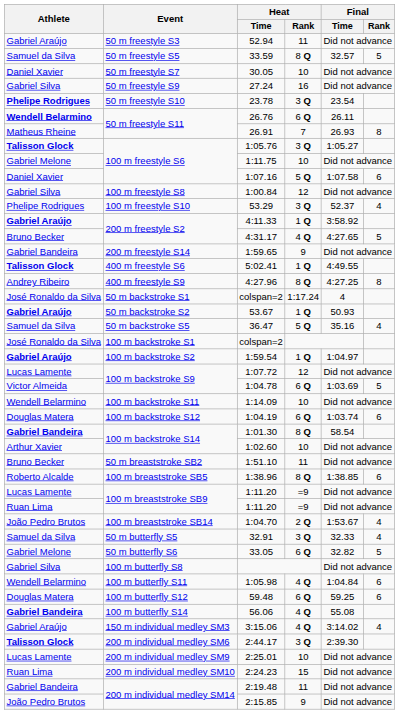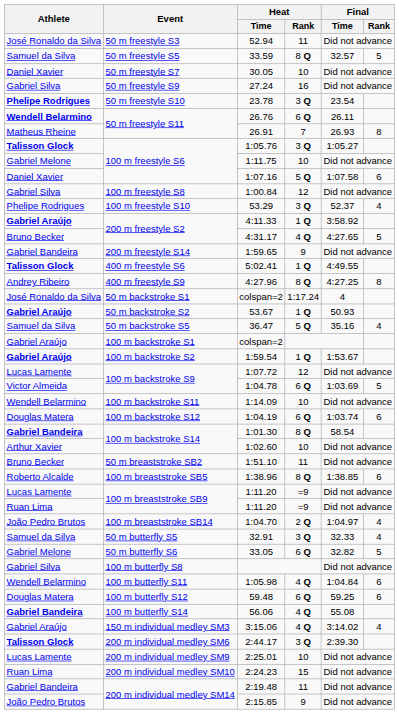 <table class=wikitable style=font-size:90%;text-align:center>
 <tr>
 <th rowspan=2>Athlete</th>
 <th rowspan=2>Event</th>
 <th colspan=2>Heat</th>
 <th colspan=2>Final</th>
 </tr>
 <tr style=font-size:95%>
 <th>Time</th>
 <th>Rank</th>
 <th>Time</th>
 <th>Rank</th>
 </tr>
 <tr align=center>
-<td align=left><a href='#'>Gabriel Araújo</a></td>
+<td align=left><a href='#'>José Ronaldo da Silva</a></td>
 <td align=left><a href='#'>50 m freestyle S3</a></td>
 <td>52.94</td>
 <td>11</td>
 <td colspan=2>Did not advance</td>
 </tr>
 <tr align=center>
 <td align=left><a href='#'>Samuel da Silva</a></td>
 <td align=left><a href='#'>50 m freestyle S5</a></td>
 <td>33.59</td>
 <td>8 <strong>Q</strong></td>
 <td>32.57</td>
 <td>5</td>
 </tr>
 <tr align=center>
 <td align=left><a href='#'>Daniel Xavier</a></td>
 <td align=left><a href='#'>50 m freestyle S7</a></td>
 <td>30.05</td>
 <td>10</td>
 <td colspan=2>Did not advance</td>
 </tr>
 <tr align=center>
 <td align=left><a href='#'>Gabriel Silva</a></td>
 <td align=left><a href='#'>50 m freestyle S9</a></td>
 <td>27.24</td>
 <td>16</td>
 <td colspan=2>Did not advance</td>
 </tr>
 <tr align=center>
 <td align=left><strong><a href='#'>Phelipe Rodrigues</a></strong></td>
 <td align=left><a href='#'>50 m freestyle S10</a></td>
 <td>23.78</td>
 <td>3 <strong>Q</strong></td>
 <td>23.54</td>
 <td></td>
 </tr>
 <tr align=center>
 <td align=left><strong><a href='#'>Wendell Belarmino</a></strong></td>
 <td align=left rowspan=2><a href='#'>50 m freestyle S11</a></td>
 <td>26.76</td>
 <td>6 <strong>Q</strong></td>
 <td>26.11</td>
 <td></td>
 </tr>
 <tr align=center>
 <td align=left><a href='#'>Matheus Rheine</a></td>
 <td>26.91</td>
 <td>7</td>
 <td>26.93</td>
 <td>8</td>
 </tr>
 <tr align=center>
 <td align=left><strong><a href='#'>Talisson Glock</a></strong></td>
 <td align=left rowspan=3><a href='#'>100 m freestyle S6</a></td>
 <td>1:05.76</td>
 <td>3 <strong>Q</strong></td>
 <td>1:05.27</td>
 <td></td>
 </tr>
 <tr align=center>
 <td align=left><a href='#'>Gabriel Melone</a></td>
 <td>1:11.75</td>
 <td>10</td>
 <td colspan=2>Did not advance</td>
 </tr>
 <tr align=center>
 <td align=left><a href='#'>Daniel Xavier</a></td>
 <td>1:07.16</td>
 <td>5 <strong>Q</strong></td>
 <td>1:07.58</td>
 <td>6</td>
 </tr>
 <tr align=center>
 <td align=left><a href='#'>Gabriel Silva</a></td>
 <td align=left><a href='#'>100 m freestyle S8</a></td>
 <td>1:00.84</td>
 <td>12</td>
 <td colspan=2>Did not advance</td>
 </tr>
 <tr align=center>
 <td align=left><a href='#'>Phelipe Rodrigues</a></td>
 <td align=left><a href='#'>100 m freestyle S10</a></td>
 <td>53.29</td>
 <td>3 <strong>Q</strong></td>
 <td>52.37</td>
 <td>4</td>
 </tr>
 <tr align=center>
 <td align=left><strong><a href='#'>Gabriel Araújo</a></strong></td>
 <td align=left rowspan=2><a href='#'>200 m freestyle S2</a></td>
 <td>4:11.33</td>
 <td>1 <strong>Q</strong></td>
 <td>3:58.92</td>
 <td></td>
 </tr>
 <tr align=center>
 <td align=left><a href='#'>Bruno Becker</a></td>
 <td>4:31.17</td>
 <td>4 <strong>Q</strong></td>
 <td>4:27.65</td>
 <td>5</td>
 </tr>
 <tr align=center>
 <td align=left><a href='#'>Gabriel Bandeira</a></td>
 <td align=left><a href='#'>200 m freestyle S14</a></td>
 <td>1:59.65</td>
 <td>9</td>
 <td colspan=2>Did not advance</td>
 </tr>
 <tr align=center>
 <td align=left><strong><a href='#'>Talisson Glock</a></strong></td>
 <td align=left><a href='#'>400 m freestyle S6</a></td>
 <td>5:02.41</td>
 <td>1 <strong>Q</strong></td>
 <td>4:49.55</td>
 <td></td>
 </tr>
 <tr align=center>
 <td align=left><a href='#'>Andrey Ribeiro</a></td>
 <td align=left><a href='#'>400 m freestyle S9</a></td>
 <td>4:27.96</td>
 <td>8 <strong>Q</strong></td>
 <td>4:27.25</td>
 <td>8</td>
 </tr>
 <tr align=center>
 <td align=left><a href='#'>José Ronaldo da Silva</a></td>
 <td align=left><a href='#'>50 m backstroke S1</a></td>
 <td>colspan=2 </td>
 <td>1:17.24</td>
 <td>4</td>
 </tr>
 <tr align=center>
 <td align=left><strong><a href='#'>Gabriel Araújo</a></strong></td>
 <td align=left><a href='#'>50 m backstroke S2</a></td>
 <td>53.67</td>
 <td>1 <strong>Q</strong></td>
 <td>50.93</td>
 <td></td>
 </tr>
 <tr align=center>
 <td align=left><a href='#'>Samuel da Silva</a></td>
 <td align=left><a href='#'>50 m backstroke S5</a></td>
 <td>36.47</td>
 <td>5 <strong>Q</strong></td>
 <td>35.16</td>
 <td>4</td>
 </tr>
 <tr align=center>
-<td align=left><a href='#'>José Ronaldo da Silva</a></td>
+<td align=left><a href='#'>Gabriel Araújo</a></td>
 <td align=left><a href='#'>100 m backstroke S1</a></td>
 <td>colspan=2 </td>
 <td colspan=2></td>
 </tr>
 <tr align=center>
 <td align=left><strong><a href='#'>Gabriel Araújo</a></strong></td>
 <td align=left><a href='#'>100 m backstroke S2</a></td>
 <td>1:59.54</td>
 <td>1 <strong>Q</strong></td>
-<td>1:04.97</td>
+<td>1:53.67</td>
 <td></td>
 </tr>
 <tr align=center>
 <td align=left><a href='#'>Lucas Lamente</a></td>
 <td align=left rowspan=2><a href='#'>100 m backstroke S9</a></td>
 <td>1:07.72</td>
 <td>12</td>
 <td colspan=2>Did not advance</td>
 </tr>
 <tr align=center>
 <td align=left><a href='#'>Victor Almeida</a></td>
 <td>1:04.78</td>
 <td>6 <strong>Q</strong></td>
 <td>1:03.69</td>
 <td>5</td>
 </tr>
 <tr align=center>
 <td align=left><a href='#'>Wendell Belarmino</a></td>
 <td align=left><a href='#'>100 m backstroke S11</a></td>
 <td>1:14.09</td>
 <td>10</td>
 <td colspan=2>Did not advance</td>
 </tr>
 <tr align=center>
 <td align=left><a href='#'>Douglas Matera</a></td>
 <td align=left><a href='#'>100 m backstroke S12</a></td>
 <td>1:04.19</td>
 <td>6 <strong>Q</strong></td>
 <td>1:03.74</td>
 <td>6</td>
 </tr>
 <tr align=center>
 <td align=left><strong><a href='#'>Gabriel Bandeira</a></strong></td>
 <td align=left rowspan=2><a href='#'>100 m backstroke S14</a></td>
 <td>1:01.30</td>
 <td>8 <strong>Q</strong></td>
 <td>58.54</td>
 <td></td>
 </tr>
 <tr align=center>
 <td align=left><a href='#'>Arthur Xavier</a></td>
 <td>1:02.60</td>
 <td>10</td>
 <td colspan=2>Did not advance</td>
 </tr>
 <tr align=center>
 <td align=left><a href='#'>Bruno Becker</a></td>
 <td align=left><a href='#'>50 m breaststroke SB2</a></td>
 <td>1:51.10</td>
 <td>11</td>
 <td colspan=2>Did not advance</td>
 </tr>
 <tr align=center>
 <td align=left><a href='#'>Roberto Alcalde</a></td>
 <td align=left><a href='#'>100 m breaststroke SB5</a></td>
 <td>1:38.96</td>
 <td>8 <strong>Q</strong></td>
 <td>1:38.85</td>
 <td>6</td>
 </tr>
 <tr align=center>
 <td align=left><a href='#'>Lucas Lamente</a></td>
 <td align=left rowspan=2><a href='#'>100 m breaststroke SB9</a></td>
 <td>1:11.20</td>
 <td>=9</td>
 <td colspan=2>Did not advance</td>
 </tr>
 <tr align=center>
 <td align=left><a href='#'>Ruan Lima</a></td>
 <td>1:11.20</td>
 <td>=9</td>
 <td colspan=2>Did not advance</td>
 </tr>
 <tr align=center>
 <td align=left><a href='#'>João Pedro Brutos</a></td>
 <td align=left><a href='#'>100 m breaststroke SB14</a></td>
 <td>1:04.70</td>
 <td>2 <strong>Q</strong></td>
-<td>1:53.67</td>
+<td>1:04.97</td>
 <td>4</td>
 </tr>
 <tr align=center>
 <td align=left><a href='#'>Samuel da Silva</a></td>
 <td align=left><a href='#'>50 m butterfly S5</a></td>
 <td>32.91</td>
 <td>3 <strong>Q</strong></td>
 <td>32.33</td>
 <td>4</td>
 </tr>
 <tr align=center>
 <td align=left><a href='#'>Gabriel Melone</a></td>
 <td align=left><a href='#'>50 m butterfly S6</a></td>
 <td>33.05</td>
 <td>6 <strong>Q</strong></td>
 <td>32.82</td>
 <td>5</td>
 </tr>
 <tr align=center>
 <td align=left><a href='#'>Gabriel Silva</a></td>
 <td align=left><a href='#'>100 m butterfly S8</a></td>
 <td colspan=2></td>
 <td colspan=2>Did not advance</td>
 </tr>
 <tr align=center>
 <td align=left><a href='#'>Wendell Belarmino</a></td>
 <td align=left><a href='#'>100 m butterfly S11</a></td>
 <td>1:05.98</td>
 <td>4 <strong>Q</strong></td>
 <td>1:04.84</td>
 <td>6</td>
 </tr>
 <tr align=center>
 <td align=left><a href='#'>Douglas Matera</a></td>
 <td align=left><a href='#'>100 m butterfly S12</a></td>
 <td>59.48</td>
 <td>6 <strong>Q</strong></td>
 <td>59.25</td>
 <td>6</td>
 </tr>
 <tr align=center>
 <td align=left><strong><a href='#'>Gabriel Bandeira</a></strong></td>
 <td align=left><a href='#'>100 m butterfly S14</a></td>
 <td>56.06</td>
 <td>4 <strong>Q</strong></td>
 <td>55.08</td>
 <td></td>
 </tr>
 <tr align=center>
 <td align=left><a href='#'>Gabriel Araújo</a></td>
 <td align=left><a href='#'>150 m individual medley SM3</a></td>
 <td>3:15.06</td>
 <td>4 <strong>Q</strong></td>
 <td>3:14.02</td>
 <td>4</td>
 </tr>
 <tr align=center>
 <td align=left><strong><a href='#'>Talisson Glock</a></strong></td>
 <td align=left><a href='#'>200 m individual medley SM6</a></td>
 <td>2:44.17</td>
 <td>3 <strong>Q</strong></td>
 <td>2:39.30</td>
 <td></td>
 </tr>
 <tr align=center>
 <td align=left><a href='#'>Lucas Lamente</a></td>
 <td align=left><a href='#'>200 m individual medley SM9</a></td>
 <td>2:25.01</td>
 <td>10</td>
 <td colspan=2>Did not advance</td>
 </tr>
 <tr align=center>
 <td align=left><a href='#'>Ruan Lima</a></td>
 <td align=left><a href='#'>200 m individual medley SM10</a></td>
 <td>2:24.23</td>
 <td>15</td>
 <td colspan=2>Did not advance</td>
 </tr>
 <tr align=center>
 <td align=left><a href='#'>Gabriel Bandeira</a></td>
 <td align=left rowspan=2><a href='#'>200 m individual medley SM14</a></td>
 <td>2:19.48</td>
 <td>11</td>
 <td colspan=2>Did not advance</td>
 </tr>
 <tr align=center>
 <td align=left><a href='#'>João Pedro Brutos</a></td>
 <td>2:15.85</td>
 <td>9</td>
 <td colspan=2>Did not advance</td>
 </tr>
 </table>
